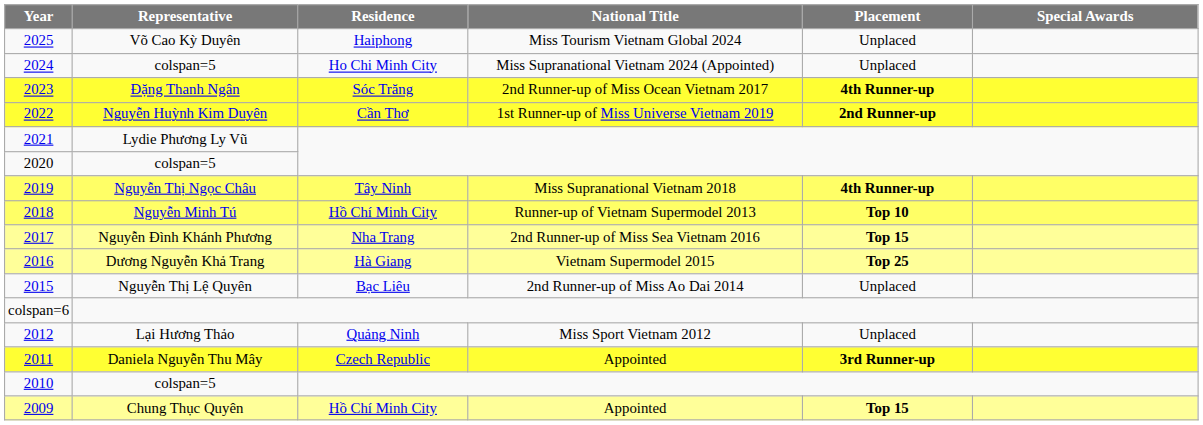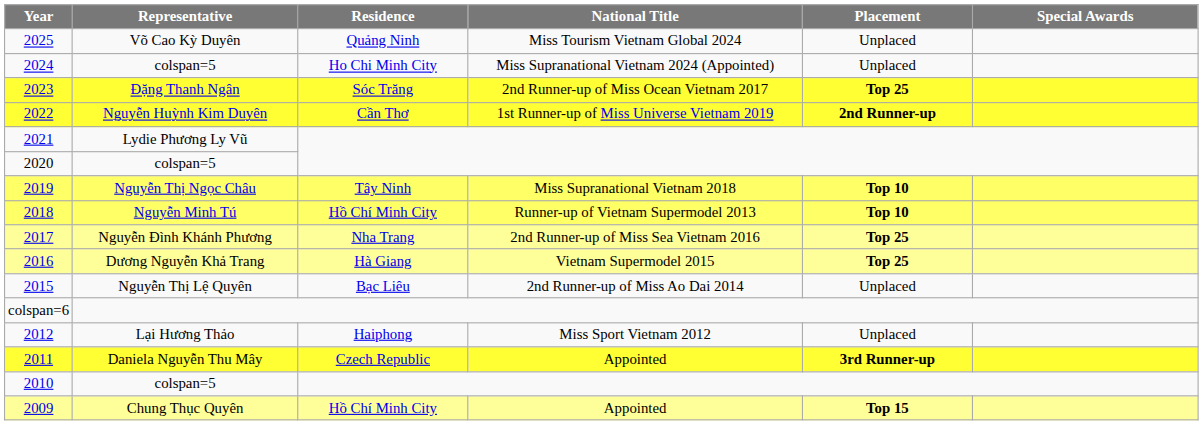 <table class="wikitable sortable" style="font-size: 85%; text-align:center">
 <tr>
 <th width="30" style="background-color:#787878;color:#FFFFFF;">Year</th>
 <th width="200" style="background-color:#787878;color:#FFFFFF;">Representative</th>
 <th width="150" style="background-color:#787878;color:#FFFFFF;">Residence</th>
 <th width="300" style="background-color:#787878;color:#FFFFFF;">National Title</th>
 <th width="150" style="background-color:#787878;color:#FFFFFF;">Placement</th>
 <th width="200" style="background-color:#787878;color:#FFFFFF;">Special Awards</th>
 </tr>
 <tr>
 <td><a href='#'>2025</a></td>
 <td>Võ Cao Kỳ Duyên</td>
-<td><a href='#'>Haiphong</a></td>
+<td><a href='#'>Quảng Ninh</a></td>
 <td>Miss Tourism Vietnam Global 2024</td>
 <td>Unplaced</td>
 </tr>
 <tr>
 <td><a href='#'>2024</a></td>
 <td>colspan=5 </td>
 <td><a href='#'>Ho Chi Minh City</a></td>
 <td>Miss Supranational Vietnam 2024 (Appointed)</td>
 <td>Unplaced</td>
 <td style="background:;"></td>
 </tr>
 <tr style="background-color:#FFFF33; : bold">
 <td><a href='#'>2023</a></td>
 <td><a href='#'>Đặng Thanh Ngân</a></td>
 <td><a href='#'>Sóc Trăng</a></td>
 <td>2nd Runner-up of Miss Ocean Vietnam 2017</td>
-<td><strong>4th Runner-up</strong></td>
+<td><strong>Top 25</strong></td>
 <td style="background:;"></td>
 </tr>
 <tr style="background-color:#FFFF33; : bold">
 <td><a href='#'>2022</a></td>
 <td><a href='#'>Nguyễn Huỳnh Kim Duyên</a></td>
 <td><a href='#'>Cần Thơ</a></td>
 <td>1st Runner-up of <a href='#'>Miss Universe Vietnam 2019</a></td>
 <td><strong>2nd Runner-up</strong></td>
 <td style="background:;"></td>
 </tr>
 <tr>
 <td><a href='#'>2021</a></td>
 <td>Lydie Phương Ly Vũ</td>
 </tr>
 <tr>
 <td>2020</td>
 <td>colspan=5 </td>
 </tr>
 <tr style="background-color:#FFFF66; : bold">
 <td><a href='#'>2019</a></td>
 <td><a href='#'>Nguyễn Thị Ngọc Châu</a></td>
 <td><a href='#'>Tây Ninh</a></td>
 <td>Miss Supranational Vietnam 2018</td>
-<td><strong>4th Runner-up</strong></td>
+<td><strong>Top 10</strong></td>
 <td style="background:;"></td>
 </tr>
 <tr style="background-color:#FFFF66; : bold">
 <td><a href='#'>2018</a></td>
 <td><a href='#'>Nguyễn Minh Tú</a></td>
 <td><a href='#'>Hồ Chí Minh City</a></td>
 <td>Runner-up of Vietnam Supermodel 2013</td>
 <td><strong>Top 10</strong></td>
 <td style="background:;"></td>
 </tr>
 <tr style="background-color:#FFFF99; : bold">
 <td><a href='#'>2017</a></td>
 <td>Nguyễn Đình Khánh Phương</td>
 <td><a href='#'>Nha Trang</a></td>
 <td>2nd Runner-up of Miss Sea Vietnam 2016</td>
-<td><strong>Top 15 </strong></td>
+<td><strong>Top 25</strong></td>
 <td style="background:;"></td>
 </tr>
 <tr style="background-color:#FFFF99; : bold">
 <td><a href='#'>2016</a></td>
 <td>Dương Nguyễn Khả Trang</td>
 <td><a href='#'>Hà Giang</a></td>
 <td>Vietnam Supermodel 2015</td>
 <td><strong>Top 25</strong></td>
 <td style="background:;"></td>
 </tr>
 <tr>
 <td><a href='#'>2015</a></td>
 <td>Nguyễn Thị Lệ Quyên</td>
 <td><a href='#'>Bạc Liêu</a></td>
 <td>2nd Runner-up of Miss Ao Dai 2014</td>
 <td>Unplaced</td>
 <td style="background:;"></td>
 </tr>
 <tr>
 <td>colspan=6 </td>
 </tr>
 <tr>
 <td><a href='#'>2012</a></td>
 <td>Lại Hương Thảo</td>
-<td><a href='#'>Quảng Ninh</a></td>
+<td><a href='#'>Haiphong</a></td>
 <td>Miss Sport Vietnam 2012</td>
 <td>Unplaced</td>
 <td style="background:;"></td>
 </tr>
 <tr style="background-color:#FFFF33; : bold">
 <td><a href='#'>2011</a></td>
 <td>Daniela Nguyễn Thu Mây</td>
 <td><a href='#'>Czech Republic</a></td>
 <td>Appointed</td>
 <td><strong>3rd Runner-up </strong></td>
 <td style="background:;"></td>
 </tr>
 <tr>
 <td><a href='#'>2010</a></td>
 <td>colspan=5 </td>
 </tr>
 <tr style="background-color:#FFFF99; : bold">
 <td><a href='#'>2009</a></td>
 <td>Chung Thục Quyên</td>
 <td><a href='#'>Hồ Chí Minh City</a></td>
 <td>Appointed</td>
 <td><strong>Top 15 </strong></td>
 <td style="background:;"></td>
 </tr>
 </table>
